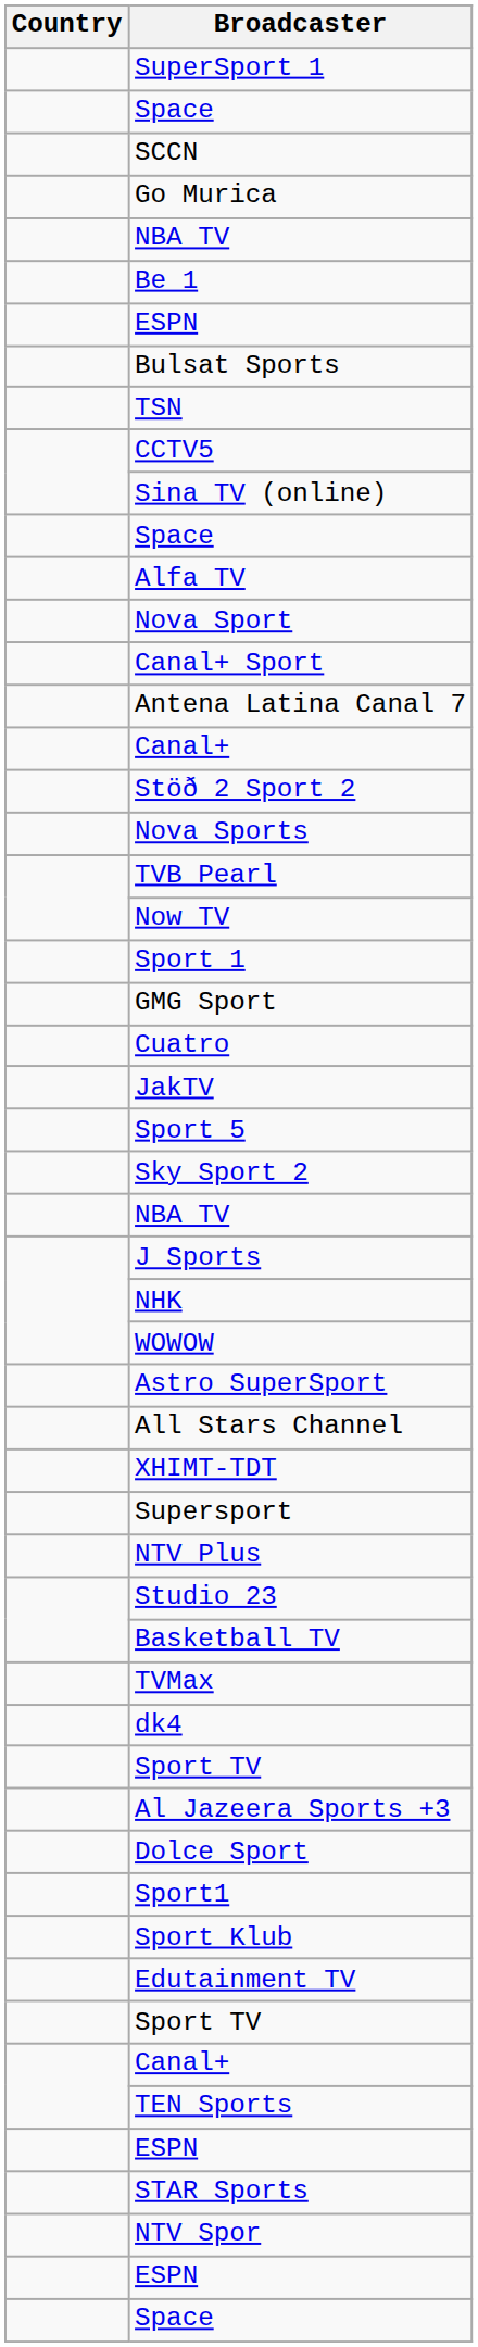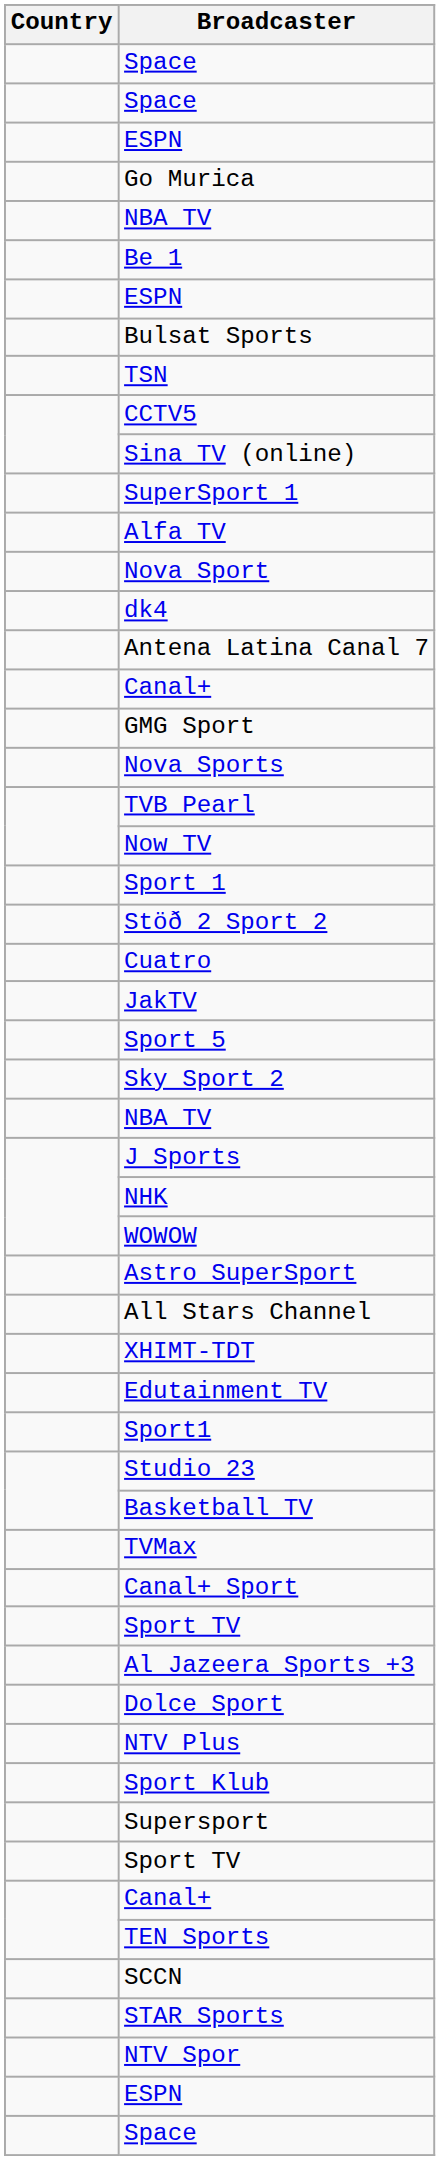 <table class="wikitable" style="font-size:95%;">
 <tr>
 <th>Country</th>
 <th>Broadcaster</th>
 </tr>
 <tr>
 <td></td>
-<td><a href='#'>SuperSport 1</a></td>
+<td><a href='#'>Space</a></td>
 </tr>
 <tr>
 <td></td>
 <td><a href='#'>Space</a></td>
 </tr>
 <tr>
 <td></td>
-<td>SCCN</td>
+<td><a href='#'>ESPN</a></td>
 </tr>
 <tr>
 <td></td>
 <td>Go Murica</td>
 </tr>
 <tr>
 <td></td>
 <td><a href='#'>NBA TV</a></td>
 </tr>
 <tr>
 <td></td>
 <td><a href='#'>Be 1</a></td>
 </tr>
 <tr>
 <td></td>
 <td><a href='#'>ESPN</a></td>
 </tr>
 <tr>
 <td></td>
 <td>Bulsat Sports</td>
 </tr>
 <tr>
 <td></td>
 <td><a href='#'>TSN</a></td>
 </tr>
 <tr>
 <td rowspan=2></td>
 <td><a href='#'>CCTV5</a></td>
 </tr>
 <tr>
 <td><a href='#'>Sina TV</a> (online)</td>
 </tr>
 <tr>
 <td></td>
-<td><a href='#'>Space</a></td>
+<td><a href='#'>SuperSport 1</a></td>
 </tr>
 <tr>
 <td></td>
 <td><a href='#'>Alfa TV</a></td>
 </tr>
 <tr>
 <td></td>
 <td><a href='#'>Nova Sport</a></td>
 </tr>
 <tr>
 <td></td>
-<td><a href='#'>Canal+ Sport</a></td>
+<td><a href='#'>dk4</a></td>
 </tr>
 <tr>
 <td></td>
 <td>Antena Latina Canal 7</td>
 </tr>
 <tr>
 <td></td>
 <td><a href='#'>Canal+</a></td>
 </tr>
 <tr>
 <td></td>
-<td><a href='#'>Stöð 2 Sport 2</a></td>
+<td>GMG Sport</td>
 </tr>
 <tr>
 <td></td>
 <td><a href='#'>Nova Sports</a></td>
 </tr>
 <tr>
 <td rowspan=2></td>
 <td><a href='#'>TVB Pearl</a></td>
 </tr>
 <tr>
 <td><a href='#'>Now TV</a></td>
 </tr>
 <tr>
 <td></td>
 <td><a href='#'>Sport 1</a></td>
 </tr>
 <tr>
 <td></td>
-<td>GMG Sport</td>
+<td><a href='#'>Stöð 2 Sport 2</a></td>
 </tr>
 <tr>
 <td></td>
 <td><a href='#'>Cuatro</a></td>
 </tr>
 <tr>
 <td></td>
 <td><a href='#'>JakTV</a></td>
 </tr>
 <tr>
 <td></td>
 <td><a href='#'>Sport 5</a></td>
 </tr>
 <tr>
 <td></td>
 <td><a href='#'>Sky Sport 2</a></td>
 </tr>
 <tr>
 <td></td>
 <td><a href='#'>NBA TV</a></td>
 </tr>
 <tr>
 <td rowspan=3></td>
 <td><a href='#'>J Sports</a></td>
 </tr>
 <tr>
 <td><a href='#'>NHK</a></td>
 </tr>
 <tr>
 <td><a href='#'>WOWOW</a></td>
 </tr>
 <tr>
 <td></td>
 <td><a href='#'>Astro SuperSport</a></td>
 </tr>
 <tr>
 <td></td>
 <td>All Stars Channel</td>
 </tr>
 <tr>
 <td></td>
 <td><a href='#'>XHIMT-TDT</a></td>
 </tr>
 <tr>
 <td></td>
-<td>Supersport</td>
+<td><a href='#'>Edutainment TV</a></td>
 </tr>
 <tr>
 <td></td>
-<td><a href='#'>NTV Plus</a></td>
+<td><a href='#'>Sport1</a></td>
 </tr>
 <tr>
 <td rowspan=2></td>
 <td><a href='#'>Studio 23</a></td>
 </tr>
 <tr>
 <td><a href='#'>Basketball TV</a></td>
 </tr>
 <tr>
 <td></td>
 <td><a href='#'>TVMax</a></td>
 </tr>
 <tr>
 <td></td>
-<td><a href='#'>dk4</a></td>
+<td><a href='#'>Canal+ Sport</a></td>
 </tr>
 <tr>
 <td></td>
 <td><a href='#'>Sport TV</a></td>
 </tr>
 <tr>
 <td></td>
 <td><a href='#'>Al Jazeera Sports +3</a></td>
 </tr>
 <tr>
 <td></td>
 <td><a href='#'>Dolce Sport</a></td>
 </tr>
 <tr>
 <td></td>
-<td><a href='#'>Sport1</a></td>
+<td><a href='#'>NTV Plus</a></td>
 </tr>
 <tr>
 <td></td>
 <td><a href='#'>Sport Klub</a></td>
 </tr>
 <tr>
 <td></td>
-<td><a href='#'>Edutainment TV</a></td>
+<td>Supersport</td>
 </tr>
 <tr>
 <td></td>
 <td>Sport TV</td>
 </tr>
 <tr>
 <td rowspan=2></td>
 <td><a href='#'>Canal+</a></td>
 </tr>
 <tr>
 <td><a href='#'>TEN Sports</a></td>
 </tr>
 <tr>
 <td></td>
-<td><a href='#'>ESPN</a></td>
+<td>SCCN</td>
 </tr>
 <tr>
 <td></td>
 <td><a href='#'>STAR Sports</a></td>
 </tr>
 <tr>
 <td></td>
 <td><a href='#'>NTV Spor</a></td>
 </tr>
 <tr>
 <td></td>
 <td><a href='#'>ESPN</a></td>
 </tr>
 <tr>
 <td></td>
 <td><a href='#'>Space</a></td>
 </tr>
 </table>
